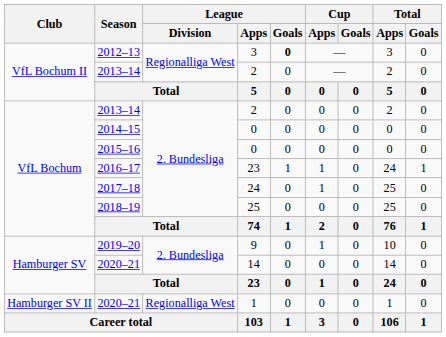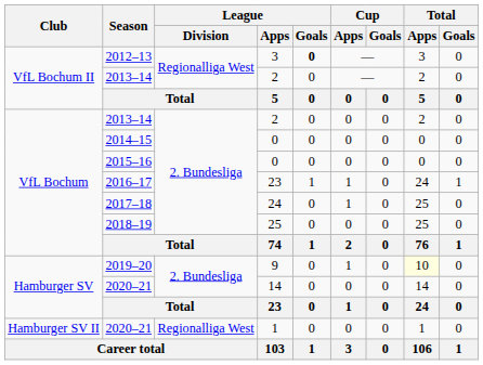 <table class="wikitable" style="text-align:center">
 <tr>
 <th rowspan=2>Club</th>
 <th rowspan=2>Season</th>
 <th colspan=3>League</th>
 <th colspan=2>Cup</th>
 <th colspan=2>Total</th>
 </tr>
 <tr>
 <th>Division</th>
 <th>Apps</th>
 <th>Goals</th>
 <th>Apps</th>
 <th>Goals</th>
 <th>Apps</th>
 <th>Goals</th>
 </tr>
 <tr>
 <td rowspan="3"><a href='#'>VfL Bochum II</a></td>
 <td><a href='#'>2012–13</a></td>
 <td rowspan="2"><a href='#'>Regionalliga West</a></td>
 <td>3</td>
 <td><strong>0</strong></td>
 <td colspan="2">—</td>
 <td>3</td>
 <td>0</td>
 </tr>
 <tr>
 <td><a href='#'>2013–14</a></td>
 <td>2</td>
 <td>0</td>
 <td colspan="2">—</td>
 <td>2</td>
 <td>0</td>
 </tr>
 <tr>
 <th colspan="2">Total</th>
 <th>5</th>
 <th>0</th>
 <th>0</th>
 <th>0</th>
 <th>5</th>
 <th>0</th>
 </tr>
 <tr>
 <td rowspan="7"><a href='#'>VfL Bochum</a></td>
 <td><a href='#'>2013–14</a></td>
 <td rowspan="6"><a href='#'>2. Bundesliga</a></td>
 <td>2</td>
 <td>0</td>
 <td>0</td>
 <td>0</td>
 <td>2</td>
 <td>0</td>
 </tr>
 <tr>
 <td><a href='#'>2014–15</a></td>
 <td>0</td>
 <td>0</td>
 <td>0</td>
 <td>0</td>
 <td>0</td>
 <td>0</td>
 </tr>
 <tr>
 <td><a href='#'>2015–16</a></td>
 <td>0</td>
 <td>0</td>
 <td>0</td>
 <td>0</td>
 <td>0</td>
 <td>0</td>
 </tr>
 <tr>
 <td><a href='#'>2016–17</a></td>
 <td>23</td>
 <td>1</td>
 <td>1</td>
 <td>0</td>
 <td>24</td>
 <td>1</td>
 </tr>
 <tr>
 <td><a href='#'>2017–18</a></td>
 <td>24</td>
 <td>0</td>
 <td>1</td>
 <td>0</td>
 <td>25</td>
 <td>0</td>
 </tr>
 <tr>
 <td><a href='#'>2018–19</a></td>
 <td>25</td>
 <td>0</td>
 <td>0</td>
 <td>0</td>
 <td>25</td>
 <td>0</td>
 </tr>
 <tr>
 <th colspan="2">Total</th>
 <th>74</th>
 <th>1</th>
 <th>2</th>
 <th>0</th>
 <th>76</th>
 <th>1</th>
 </tr>
 <tr>
 <td rowspan="3"><a href='#'>Hamburger SV</a></td>
 <td><a href='#'>2019–20</a></td>
 <td rowspan="2"><a href='#'>2. Bundesliga</a></td>
 <td>9</td>
 <td>0</td>
 <td>1</td>
 <td>0</td>
-<td>10</td>
+<td style="background: lightyellow;">10</td>
 <td>0</td>
 </tr>
 <tr>
 <td><a href='#'>2020–21</a></td>
 <td>14</td>
 <td>0</td>
 <td>0</td>
 <td>0</td>
 <td>14</td>
 <td>0</td>
 </tr>
 <tr>
 <th colspan="2">Total</th>
 <th>23</th>
 <th>0</th>
 <th>1</th>
 <th>0</th>
 <th>24</th>
 <th>0</th>
 </tr>
 <tr>
 <td rowspan="1"><a href='#'>Hamburger SV II</a></td>
 <td><a href='#'>2020–21</a></td>
 <td rowspan="1"><a href='#'>Regionalliga West</a></td>
 <td>1</td>
 <td>0</td>
 <td>0</td>
 <td>0</td>
 <td>1</td>
 <td>0</td>
 </tr>
 <tr>
 <th colspan="3">Career total</th>
 <th>103</th>
 <th>1</th>
 <th>3</th>
 <th>0</th>
 <th>106</th>
 <th>1</th>
 </tr>
 </table>
